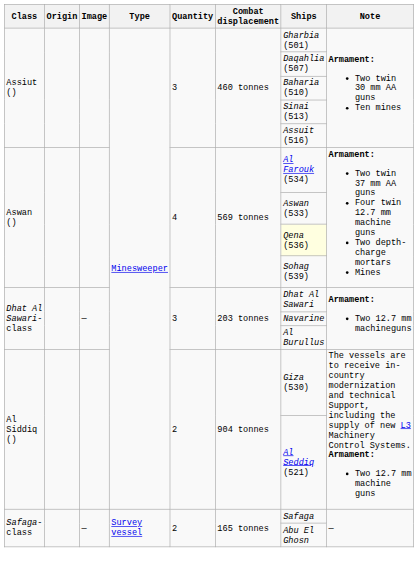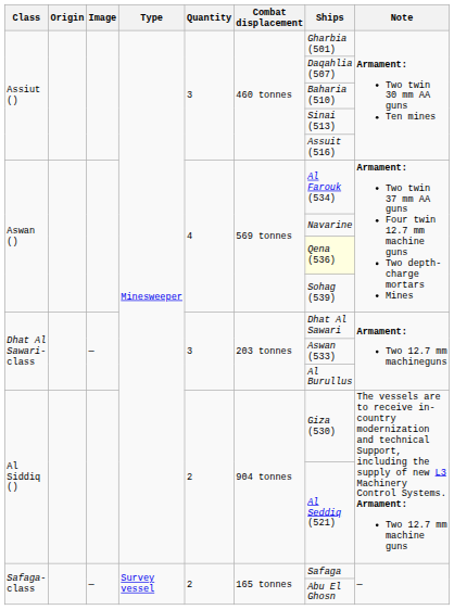 <table class="wikitable">
 <tr>
 <th>Class</th>
 <th>Origin</th>
 <th>Image</th>
 <th>Type</th>
 <th>Quantity</th>
 <th>Combat displacement</th>
 <th>Ships</th>
 <th>Note</th>
 </tr>
 <tr>
 <td rowspan="5">Assiut<br>()</td>
 <td rowspan="5"></td>
 <td rowspan="5"></td>
 <td rowspan="14"><a href='#'>Minesweeper</a></td>
 <td rowspan="5">3</td>
 <td rowspan="5">460 tonnes</td>
 <td><em>Gharbia</em> (501)</td>
 <td rowspan="5"><strong>Armament:</strong><br><ul><li>Two twin 30 mm AA guns</li><li>Ten mines</li></ul></td>
 </tr>
 <tr>
 <td><em>Daqahlia</em> (507)</td>
 </tr>
 <tr>
 <td><em>Baharia</em> (510)</td>
 </tr>
 <tr>
 <td><em>Sinai</em> (513)</td>
 </tr>
 <tr>
 <td><em>Assuit</em> (516)</td>
 </tr>
 <tr>
 <td rowspan="4">Aswan<br>()</td>
 <td rowspan="4"></td>
 <td rowspan="4"></td>
 <td rowspan="4">4</td>
 <td rowspan="4">569 tonnes</td>
 <td><em><a href='#'>Al Farouk</a></em> (534)</td>
 <td rowspan="4"><strong>Armament:</strong><br><ul><li>Two twin 37 mm AA guns</li><li>Four twin 12.7 mm machine guns</li><li>Two depth-charge mortars</li><li>Mines</li></ul></td>
 </tr>
 <tr>
-<td><em>Aswan</em> (533)</td>
+<td><em>Navarine</em></td>
 </tr>
 <tr>
 <td style="background: lightyellow;"><em>Qena</em> (536)</td>
 </tr>
 <tr>
 <td><em>Sohag</em> (539)</td>
 </tr>
 <tr>
 <td rowspan="3"><em>Dhat Al Sawari</em>-class</td>
 <td rowspan="3"></td>
 <td rowspan="3">—</td>
 <td rowspan="3">3</td>
 <td rowspan="3">203 tonnes</td>
 <td><em>Dhat Al Sawari</em></td>
 <td rowspan="3"><strong>Armament:</strong><br><ul><li>Two 12.7 mm machineguns</li></ul></td>
 </tr>
 <tr>
-<td><em>Navarine</em></td>
+<td><em>Aswan</em> (533)</td>
 </tr>
 <tr>
 <td><em>Al Burullus</em></td>
 </tr>
 <tr>
 <td rowspan="2">Al Siddiq<br>()</td>
 <td rowspan="2"></td>
 <td rowspan="2"></td>
 <td rowspan="2">2</td>
 <td rowspan="2">904 tonnes</td>
 <td><em>Giza</em> (530)</td>
 <td rowspan="2">The vessels are to receive in-country modernization and technical Support, including the supply of new <a href='#'>L3</a> Machinery Control Systems. <br><strong>Armament:</strong><br><ul><li>Two 12.7 mm machine guns</li></ul></td>
 </tr>
 <tr>
 <td><em><a href='#'>Al Seddiq</a></em> (521)</td>
 </tr>
 <tr>
 <td rowspan="2"><em>Safaga</em>-class</td>
 <td rowspan="2"></td>
 <td rowspan="2">—</td>
 <td rowspan="2"><a href='#'>Survey vessel</a></td>
 <td rowspan="2">2</td>
 <td rowspan="2">165 tonnes</td>
 <td><em>Safaga</em></td>
 <td rowspan="2">—</td>
 </tr>
 <tr>
 <td><em>Abu El Ghosn</em></td>
 </tr>
 </table>
